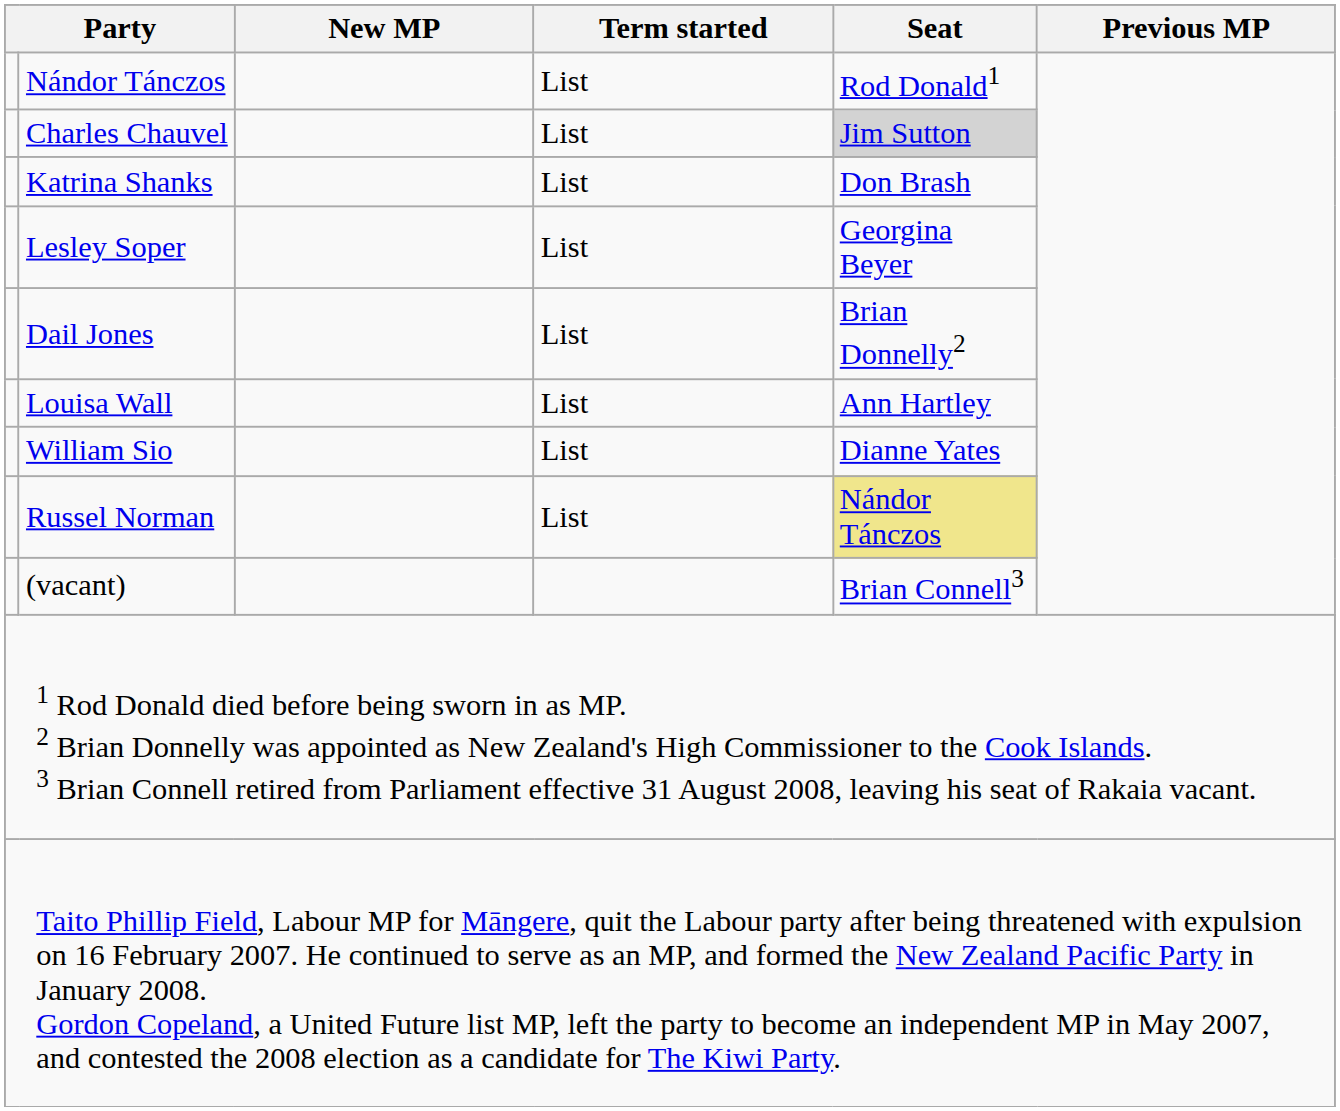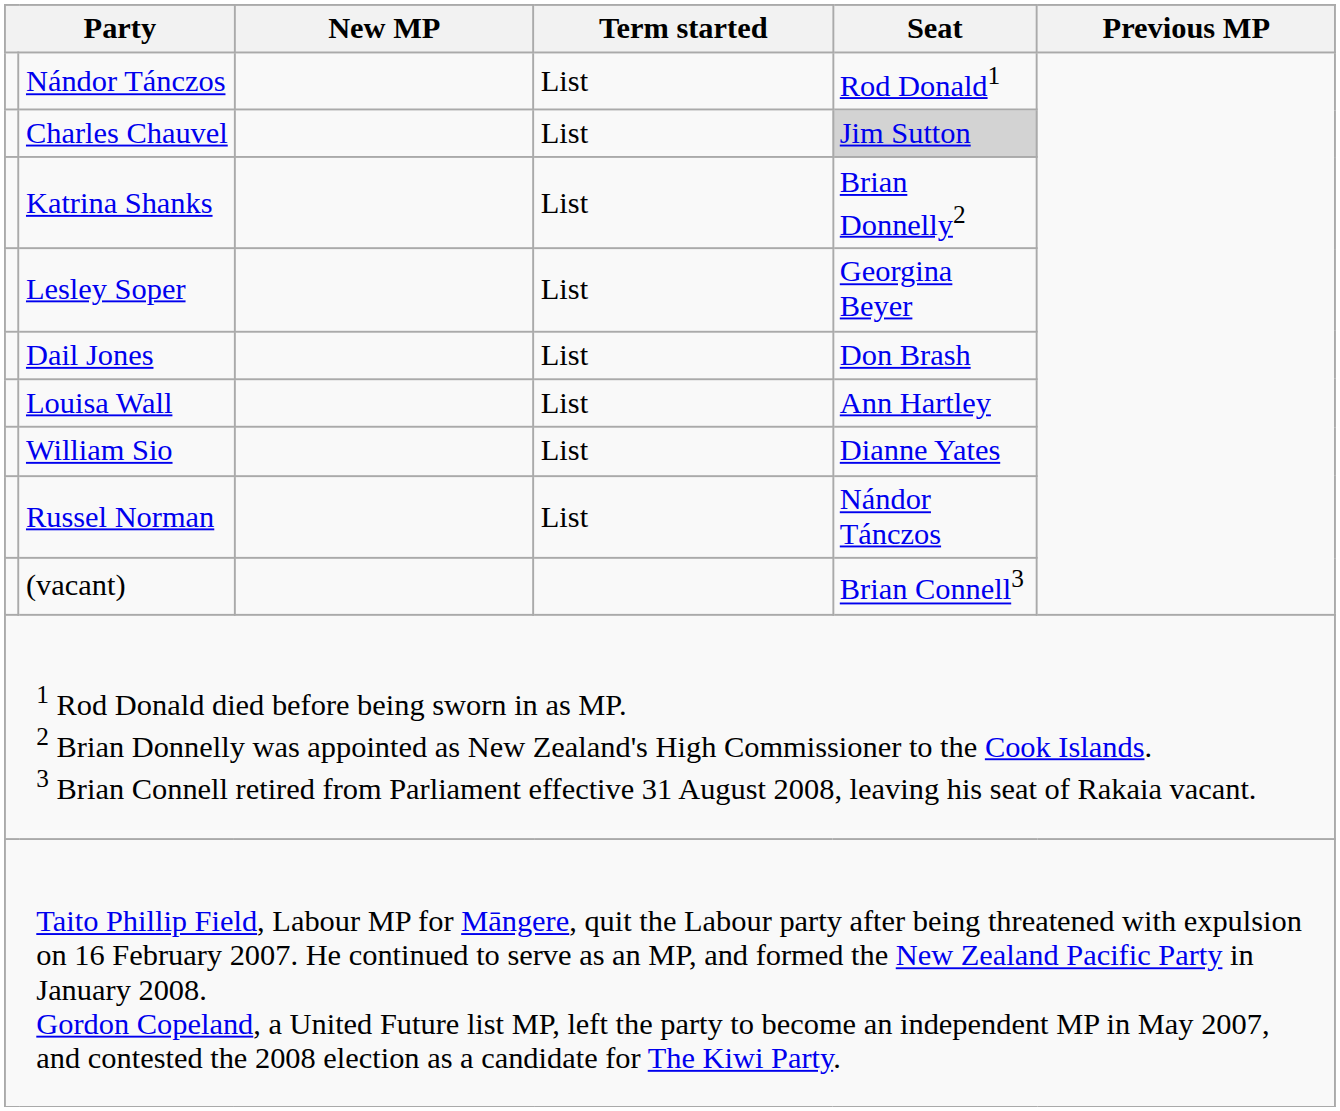 <table class=wikitable>
 <tr>
 <th width=100 colspan=2>Party</th>
 <th width=150>New MP</th>
 <th width=150>Term started</th>
 <th width=100>Seat</th>
 <th width=150>Previous MP</th>
 </tr>
 <tr>
 <td></td>
 <td><a href='#'>Nándor Tánczos</a></td>
 <td style="text-align:right;"></td>
 <td>List</td>
 <td><a href='#'>Rod Donald</a><sup>1</sup></td>
 </tr>
 <tr>
 <td></td>
 <td><a href='#'>Charles Chauvel</a></td>
 <td style="text-align:right;"></td>
 <td>List</td>
 <td style="background: lightgrey;"><a href='#'>Jim Sutton</a></td>
 </tr>
 <tr>
 <td></td>
 <td><a href='#'>Katrina Shanks</a></td>
 <td style="text-align:right;"></td>
 <td>List</td>
-<td><a href='#'>Don Brash</a></td>
+<td><a href='#'>Brian Donnelly</a><sup>2</sup></td>
 </tr>
 <tr>
 <td></td>
 <td><a href='#'>Lesley Soper</a></td>
 <td style="text-align:right;"></td>
 <td>List</td>
 <td><a href='#'>Georgina Beyer</a></td>
 </tr>
 <tr>
 <td></td>
 <td><a href='#'>Dail Jones</a></td>
 <td style="text-align:right;"></td>
 <td>List</td>
-<td><a href='#'>Brian Donnelly</a><sup>2</sup></td>
+<td><a href='#'>Don Brash</a></td>
 </tr>
 <tr>
 <td></td>
 <td><a href='#'>Louisa Wall</a></td>
 <td style="text-align:right;"></td>
 <td>List</td>
 <td><a href='#'>Ann Hartley</a></td>
 </tr>
 <tr>
 <td></td>
 <td><a href='#'>William Sio</a></td>
 <td style="text-align:right;"></td>
 <td>List</td>
 <td><a href='#'>Dianne Yates</a></td>
 </tr>
 <tr>
 <td></td>
 <td><a href='#'>Russel Norman</a></td>
 <td style="text-align:right;"></td>
 <td>List</td>
-<td style="background: khaki;"><a href='#'>Nándor Tánczos</a></td>
+<td><a href='#'>Nándor Tánczos</a></td>
 </tr>
 <tr>
 <td></td>
 <td>(vacant)</td>
 <td style="text-align:right;"></td>
 <td></td>
 <td><a href='#'>Brian Connell</a><sup>3</sup></td>
 </tr>
 <tr>
 <td width=650 style="padding:1em" colspan=6><br><sup>1</sup> Rod Donald died before being sworn in as MP.<br> <sup>2</sup> Brian Donnelly was appointed as New Zealand's High Commissioner to the <a href='#'>Cook Islands</a>.<br> <sup>3</sup> Brian Connell retired from Parliament effective 31 August 2008, leaving his seat of Rakaia vacant.<br></td>
 </tr>
 <tr>
 <td width=650 style="padding:1em" colspan=6><br><a href='#'>Taito Phillip Field</a>, Labour MP for <a href='#'>Māngere</a>, quit the Labour party after being threatened with expulsion on 16 February 2007. He continued to serve as an MP, and formed the <a href='#'>New Zealand Pacific Party</a> in January 2008.<br><a href='#'>Gordon Copeland</a>, a United Future list MP, left the party to become an independent MP in May 2007, and contested the 2008 election as a candidate for <a href='#'>The Kiwi Party</a>.</td>
 </tr>
 </table>
